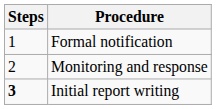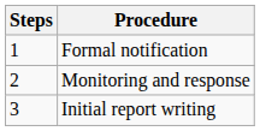 <table class="wikitable">
 <tr>
 <th>Steps</th>
 <th>Procedure</th>
 </tr>
 <tr>
 <td>1</td>
 <td>Formal notification</td>
 </tr>
 <tr>
 <td>2</td>
 <td>Monitoring and response</td>
 </tr>
 <tr>
-<td><strong>3</strong></td>
+<td>3</td>
 <td>Initial report writing</td>
 </tr>
 </table>
